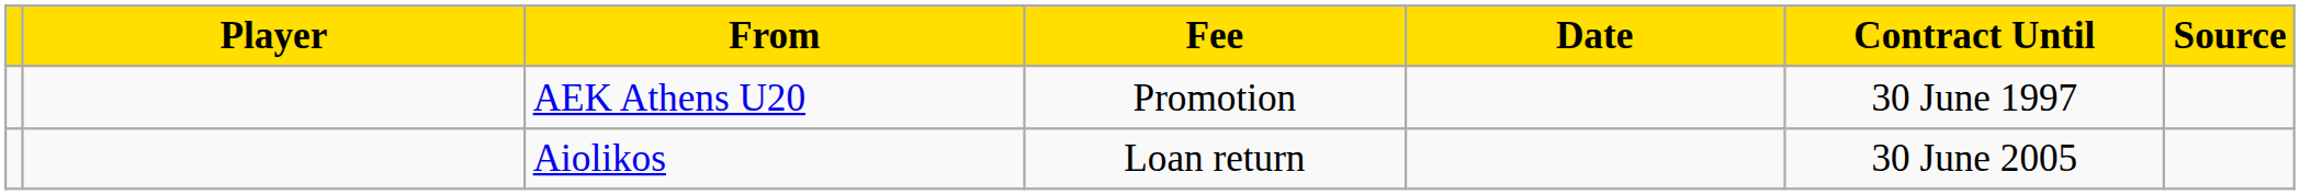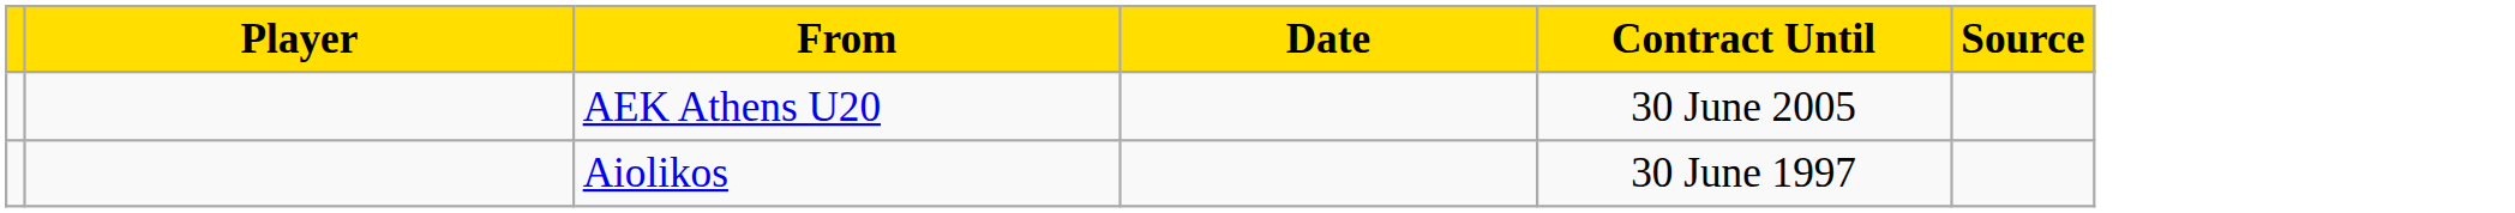 <table class="wikitable sortable">
 <tr>
 <th style="background:#FFDE00"></th>
 <th width=200 style="background:#FFDE00">Player</th>
 <th width=200 style="background:#FFDE00">From</th>
-<th width=150 style="background:#FFDE00">Fee</th>
 <th width=150 style="background:#FFDE00">Date</th>
 <th width=150 style="background:#FFDE00">Contract Until</th>
 <th style="background:#FFDE00">Source</th>
 </tr>
 <tr>
 <td align=center></td>
 <td></td>
 <td> <a href='#'>AEK Athens U20</a></td>
-<td align=center>Promotion</td>
 <td align=center></td>
-<td align=center>30 June 1997</td>
+<td align=center>30 June 2005</td>
 <td align=center></td>
 </tr>
 <tr>
 <td align=center></td>
 <td></td>
 <td> <a href='#'>Aiolikos</a></td>
-<td align=center>Loan return</td>
 <td align=center></td>
-<td align=center>30 June 2005</td>
+<td align=center>30 June 1997</td>
 <td align=center></td>
 </tr>
 </table>
